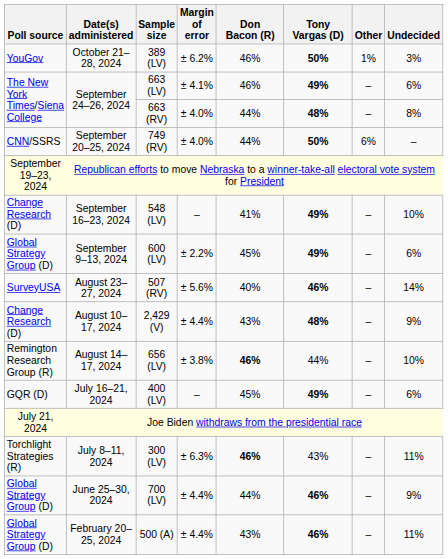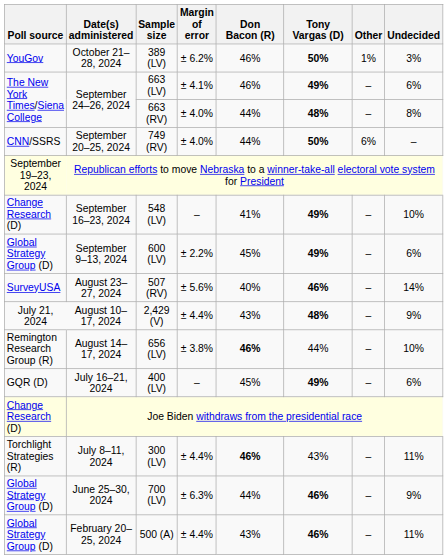 <table class="wikitable" style="font-size:90%;text-align:center;">
 <tr valign=bottom>
 <th>Poll source</th>
 <th>Date(s)<br>administered</th>
 <th>Sample<br>size</th>
 <th>Margin<br>of error</th>
 <th style="width:100px;">Don<br>Bacon (R)</th>
 <th style="width:100px;">Tony<br>Vargas (D)</th>
 <th>Other</th>
 <th>Undecided</th>
 </tr>
 <tr>
 <td style="text-align:left;"><a href='#'>YouGov</a></td>
 <td>October 21–28, 2024</td>
 <td>389 (LV)</td>
 <td>± 6.2%</td>
 <td>46%</td>
 <td><strong>50%</strong></td>
 <td>1%</td>
 <td>3%</td>
 </tr>
 <tr>
 <td rowspan="2" style="text-align:left;"><a href='#'>The New York Times</a>/<a href='#'>Siena College</a></td>
 <td rowspan="2">September 24–26, 2024</td>
 <td>663 (LV)</td>
 <td>± 4.1%</td>
 <td>46%</td>
 <td><strong>49%</strong></td>
 <td>–</td>
 <td>6%</td>
 </tr>
 <tr>
 <td>663 (RV)</td>
 <td>± 4.0%</td>
 <td>44%</td>
 <td><strong>48%</strong></td>
 <td>–</td>
 <td>8%</td>
 </tr>
 <tr>
 <td style="text-align:left"><a href='#'>CNN</a>/SSRS</td>
 <td>September 20–25, 2024</td>
 <td>749 (RV)</td>
 <td>± 4.0%</td>
 <td>44%</td>
 <td><strong>50%</strong></td>
 <td>6%</td>
 <td>–</td>
 </tr>
 <tr style="border-right-style:hidden; background:lightyellow;" |>
 <td style="border-right-style:hidden; " data-sort-value="2024-07-21">September 19–23, 2024</td>
 <td colspan="8"><a href='#'>Republican efforts</a> to move <a href='#'>Nebraska</a> to a <a href='#'>winner-take-all</a> <a href='#'>electoral vote system</a> for <a href='#'>President</a></td>
 </tr>
 <tr>
 <td style="text-align:left;"><a href='#'>Change Research</a> (D)</td>
 <td>September 16–23, 2024</td>
 <td>548 (LV)</td>
 <td>–</td>
 <td>41%</td>
 <td><strong>49%</strong></td>
 <td>–</td>
 <td>10%</td>
 </tr>
 <tr>
 <td style="text-align:left"><a href='#'>Global Strategy Group</a> (D)</td>
 <td>September 9–13, 2024</td>
 <td>600 (LV)</td>
 <td>± 2.2%</td>
 <td>45%</td>
 <td><strong>49%</strong></td>
 <td>–</td>
 <td>6%</td>
 </tr>
 <tr>
 <td style="text-align:left"><a href='#'>SurveyUSA</a></td>
 <td>August 23–27, 2024</td>
 <td>507 (RV)</td>
 <td>± 5.6%</td>
 <td>40%</td>
 <td><strong>46%</strong></td>
 <td>–</td>
 <td>14%</td>
 </tr>
 <tr>
-<td style="text-align:left"><a href='#'>Change Research</a> (D)</td>
+<td style="border-right-style:hidden; " data-sort-value="2024-07-21">July 21, 2024</td>
 <td>August 10–17, 2024</td>
 <td>2,429 (V)</td>
 <td>± 4.4%</td>
 <td>43%</td>
 <td><strong>48%</strong></td>
 <td>–</td>
 <td>9%</td>
 </tr>
 <tr>
 <td style="text-align:left">Remington Research Group (R)</td>
 <td>August 14–17, 2024</td>
 <td>656 (LV)</td>
 <td>± 3.8%</td>
 <td><strong>46%</strong></td>
 <td>44%</td>
 <td>–</td>
 <td>10%</td>
 </tr>
 <tr>
 <td style="text-align:left">GQR (D)</td>
 <td>July 16–21, 2024</td>
 <td>400 (LV)</td>
 <td>–</td>
 <td>45%</td>
 <td><strong>49%</strong></td>
 <td>–</td>
 <td>6%</td>
 </tr>
 <tr style="border-right-style:hidden; background:lightyellow;" |>
-<td style="border-right-style:hidden; " data-sort-value="2024-07-21">July 21, 2024</td>
+<td style="text-align:left"><a href='#'>Change Research</a> (D)</td>
 <td colspan="8">Joe Biden <a href='#'>withdraws from the presidential race</a></td>
 </tr>
 <tr>
 <td style="text-align:left">Torchlight Strategies (R)</td>
 <td>July 8–11, 2024</td>
 <td>300 (LV)</td>
-<td>± 6.3%</td>
+<td>± 4.4%</td>
 <td><strong>46%</strong></td>
 <td>43%</td>
 <td>–</td>
 <td>11%</td>
 </tr>
 <tr>
 <td style="text-align:left"><a href='#'>Global Strategy Group</a> (D)</td>
 <td>June 25–30, 2024</td>
 <td>700 (LV)</td>
-<td>± 4.4%</td>
+<td>± 6.3%</td>
 <td>44%</td>
 <td><strong>46%</strong></td>
 <td>–</td>
 <td>9%</td>
 </tr>
 <tr>
 <td style="text-align:left"><a href='#'>Global Strategy Group</a> (D)</td>
 <td>February 20–25, 2024</td>
 <td>500 (A)</td>
 <td>± 4.4%</td>
 <td>43%</td>
 <td><strong>46%</strong></td>
 <td>–</td>
 <td>11%</td>
 </tr>
 </table>
